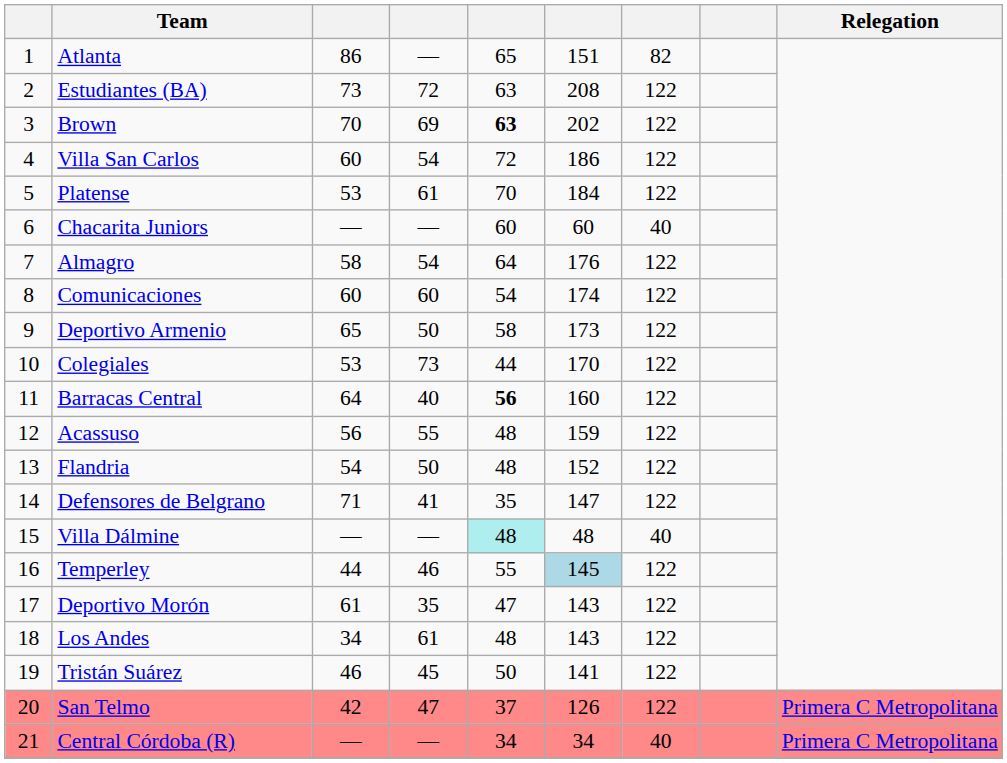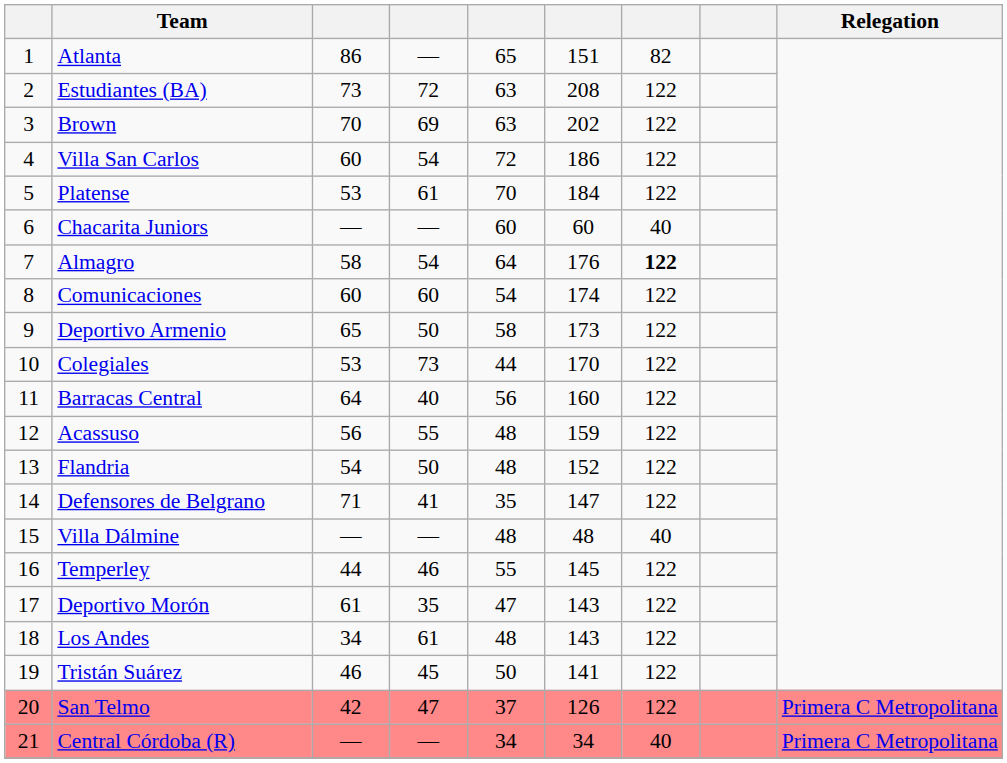 <table class="wikitable" style="text-align: center;">
 <tr>
 <th width=28><br></th>
 <th width=185>Team</th>
 <th width=50></th>
 <th width=50></th>
 <th width=50></th>
 <th width=50></th>
 <th width=50></th>
 <th width=50><br></th>
 <th>Relegation</th>
 </tr>
 <tr>
 <td>1</td>
 <td align="left"><a href='#'>Atlanta</a></td>
 <td>86</td>
 <td>—</td>
 <td>65</td>
 <td>151</td>
 <td>82</td>
 <td><strong></strong></td>
 </tr>
 <tr>
 <td>2</td>
 <td align="left"><a href='#'>Estudiantes (BA)</a></td>
 <td>73</td>
 <td>72</td>
 <td>63</td>
 <td>208</td>
 <td>122</td>
 <td><strong></strong></td>
 </tr>
 <tr>
 <td>3</td>
 <td align="left"><a href='#'>Brown</a></td>
 <td>70</td>
 <td>69</td>
-<td><strong>63</strong></td>
+<td>63</td>
 <td>202</td>
 <td>122</td>
 <td><strong></strong></td>
 </tr>
 <tr>
 <td>4</td>
 <td align="left"><a href='#'>Villa San Carlos</a></td>
 <td>60</td>
 <td>54</td>
 <td>72</td>
 <td>186</td>
 <td>122</td>
 <td><strong></strong></td>
 </tr>
 <tr>
 <td>5</td>
 <td align="left"><a href='#'>Platense</a></td>
 <td>53</td>
 <td>61</td>
 <td>70</td>
 <td>184</td>
 <td>122</td>
 <td><strong></strong></td>
 </tr>
 <tr>
 <td>6</td>
 <td align="left"><a href='#'>Chacarita Juniors</a></td>
 <td>—</td>
 <td>—</td>
 <td>60</td>
 <td>60</td>
 <td>40</td>
 <td><strong></strong></td>
 </tr>
 <tr>
 <td>7</td>
 <td align="left"><a href='#'>Almagro</a></td>
 <td>58</td>
 <td>54</td>
 <td>64</td>
 <td>176</td>
-<td>122</td>
+<td><strong>122</strong></td>
 <td><strong></strong></td>
 </tr>
 <tr>
 <td>8</td>
 <td align="left"><a href='#'>Comunicaciones</a></td>
 <td>60</td>
 <td>60</td>
 <td>54</td>
 <td>174</td>
 <td>122</td>
 <td><strong></strong></td>
 </tr>
 <tr>
 <td>9</td>
 <td align="left"><a href='#'>Deportivo Armenio</a></td>
 <td>65</td>
 <td>50</td>
 <td>58</td>
 <td>173</td>
 <td>122</td>
 <td><strong></strong></td>
 </tr>
 <tr>
 <td>10</td>
 <td align="left"><a href='#'>Colegiales</a></td>
 <td>53</td>
 <td>73</td>
 <td>44</td>
 <td>170</td>
 <td>122</td>
 <td><strong></strong></td>
 </tr>
 <tr>
 <td>11</td>
 <td align="left"><a href='#'>Barracas Central</a></td>
 <td>64</td>
 <td>40</td>
-<td><strong>56</strong></td>
+<td>56</td>
 <td>160</td>
 <td>122</td>
 <td><strong></strong></td>
 </tr>
 <tr>
 <td>12</td>
 <td align="left"><a href='#'>Acassuso</a></td>
 <td>56</td>
 <td>55</td>
 <td>48</td>
 <td>159</td>
 <td>122</td>
 <td><strong></strong></td>
 </tr>
 <tr>
 <td>13</td>
 <td align="left"><a href='#'>Flandria</a></td>
 <td>54</td>
 <td>50</td>
 <td>48</td>
 <td>152</td>
 <td>122</td>
 <td><strong></strong></td>
 </tr>
 <tr>
 <td>14</td>
 <td align="left"><a href='#'>Defensores de Belgrano</a></td>
 <td>71</td>
 <td>41</td>
 <td>35</td>
 <td>147</td>
 <td>122</td>
 <td><strong></strong></td>
 </tr>
 <tr>
 <td>15</td>
 <td align="left"><a href='#'>Villa Dálmine</a></td>
 <td>—</td>
 <td>—</td>
-<td style="background: paleturquoise;">48</td>
+<td>48</td>
 <td>48</td>
 <td>40</td>
 <td><strong></strong></td>
 </tr>
 <tr>
 <td>16</td>
 <td align="left"><a href='#'>Temperley</a></td>
 <td>44</td>
 <td>46</td>
 <td>55</td>
-<td style="background: lightblue;">145</td>
+<td>145</td>
 <td>122</td>
 <td><strong></strong></td>
 </tr>
 <tr>
 <td>17</td>
 <td align="left"><a href='#'>Deportivo Morón</a></td>
 <td>61</td>
 <td>35</td>
 <td>47</td>
 <td>143</td>
 <td>122</td>
 <td><strong></strong></td>
 </tr>
 <tr>
 <td>18</td>
 <td align="left"><a href='#'>Los Andes</a></td>
 <td>34</td>
 <td>61</td>
 <td>48</td>
 <td>143</td>
 <td>122</td>
 <td><strong></strong></td>
 </tr>
 <tr>
 <td>19</td>
 <td align="left"><a href='#'>Tristán Suárez</a></td>
 <td>46</td>
 <td>45</td>
 <td>50</td>
 <td>141</td>
 <td>122</td>
 <td><strong></strong></td>
 </tr>
 <tr bgcolor=#FF8888>
 <td>20</td>
 <td align="left"><a href='#'>San Telmo</a></td>
 <td>42</td>
 <td>47</td>
 <td>37</td>
 <td>126</td>
 <td>122</td>
 <td><strong></strong></td>
 <td bgcolor=#FF8888><a href='#'>Primera C Metropolitana</a></td>
 </tr>
 <tr bgcolor=#FF8888>
 <td>21</td>
 <td align="left"><a href='#'>Central Córdoba (R)</a></td>
 <td>—</td>
 <td>—</td>
 <td>34</td>
 <td>34</td>
 <td>40</td>
 <td><strong></strong></td>
 <td bgcolor=#FF8888><a href='#'>Primera C Metropolitana</a></td>
 </tr>
 <tr>
 </tr>
 </table>
